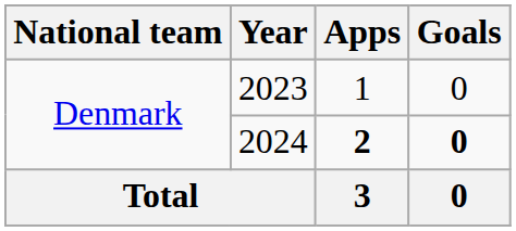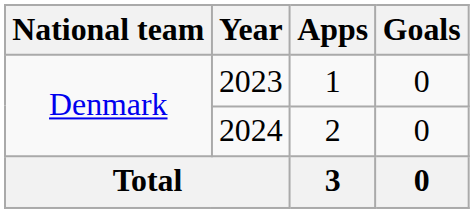 <table class=wikitable style=text-align:center>
 <tr>
 <th>National team</th>
 <th>Year</th>
 <th>Apps</th>
 <th>Goals</th>
 </tr>
 <tr>
 <td rowspan="2"><a href='#'>Denmark</a></td>
 <td>2023</td>
 <td>1</td>
 <td>0</td>
 </tr>
 <tr>
 <td>2024</td>
-<td><strong>2</strong></td>
-<td><strong>0</strong></td>
+<td>2</td>
+<td>0</td>
 </tr>
 <tr>
 <th colspan="2">Total</th>
 <th>3</th>
 <th>0</th>
 </tr>
 </table>
